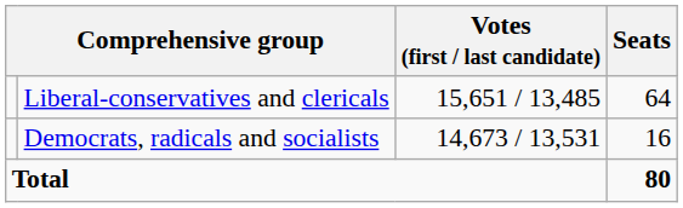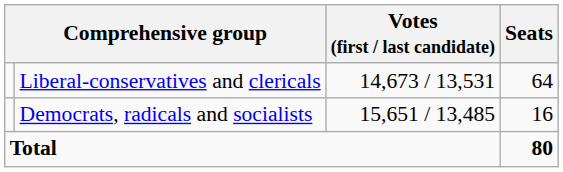 <table class="wikitable">
 <tr>
 <th colspan=2>Comprehensive group</th>
 <th>Votes<br><small>(first / last candidate)</small></th>
 <th>Seats</th>
 </tr>
 <tr>
 <td style="background-color:"></td>
 <td><a href='#'>Liberal-conservatives</a> and <a href='#'>clericals</a></td>
-<td align=right>15,651 / 13,485</td>
+<td align=right>14,673 / 13,531</td>
 <td align=right>64</td>
 </tr>
 <tr>
 <td style="background-color:"></td>
 <td><a href='#'>Democrats</a>, <a href='#'>radicals</a> and <a href='#'>socialists</a></td>
-<td align=right>14,673 / 13,531</td>
+<td align=right>15,651 / 13,485</td>
 <td align=right>16</td>
 </tr>
 <tr>
 <td colspan=3><strong>Total</strong></td>
 <td align=right><strong>80</strong></td>
 </tr>
 </table>
